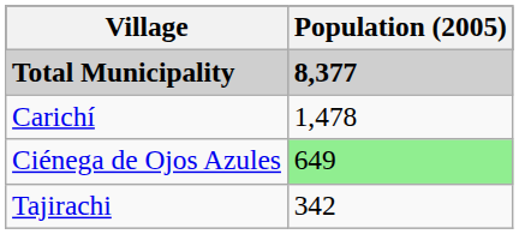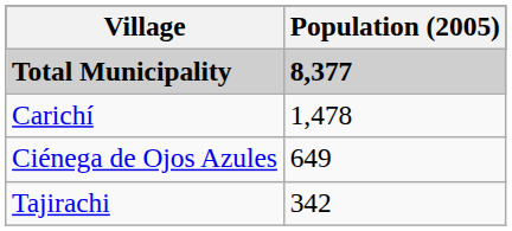 <table class="wikitable">
 <tr style="background:#000000; color:black;">
 <th><strong>Village</strong></th>
 <th><strong>Population (2005)</strong></th>
 </tr>
 <tr style="background:#CFCFCF;">
 <td><strong>Total Municipality</strong></td>
 <td><strong>8,377</strong></td>
 </tr>
 <tr>
 <td><a href='#'>Carichí</a></td>
 <td>1,478</td>
 </tr>
 <tr>
 <td><a href='#'>Ciénega de Ojos Azules</a></td>
-<td style="background: lightgreen;">649</td>
+<td>649</td>
 </tr>
 <tr>
 <td><a href='#'>Tajirachi</a></td>
 <td>342</td>
 </tr>
 </table>
